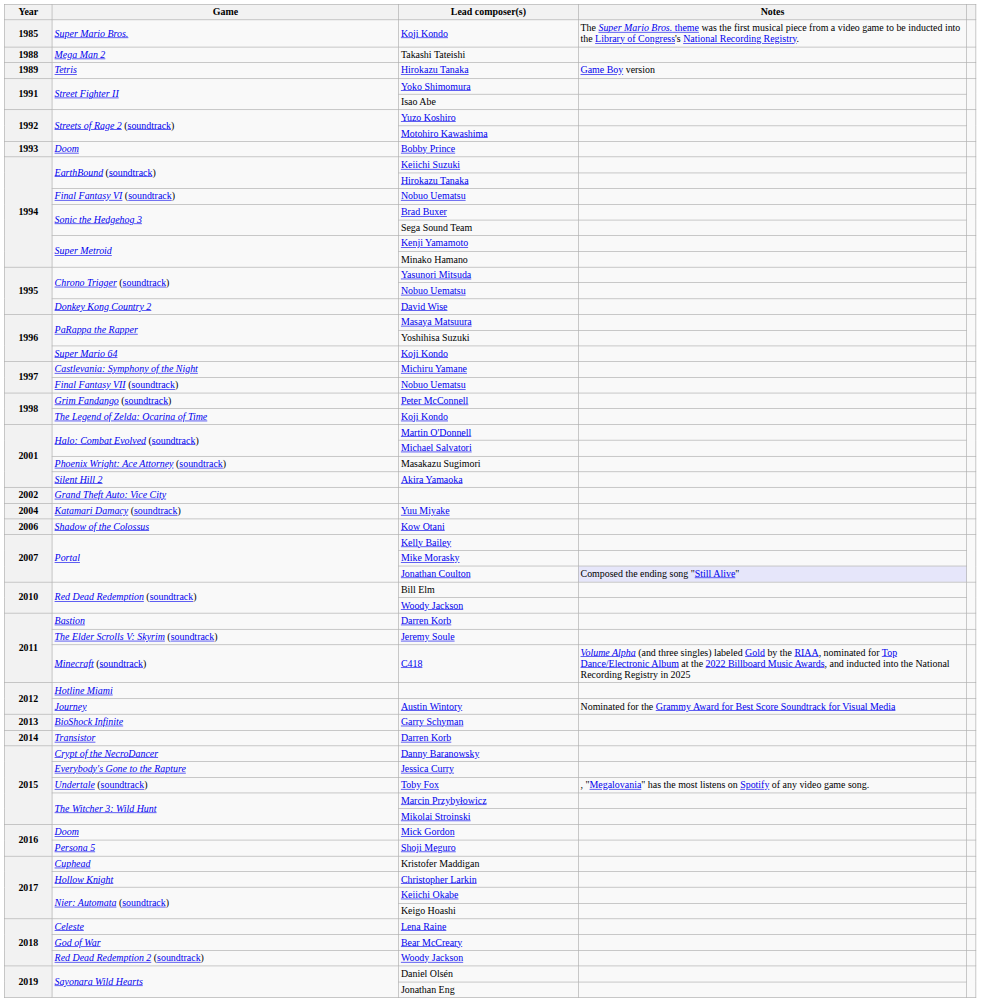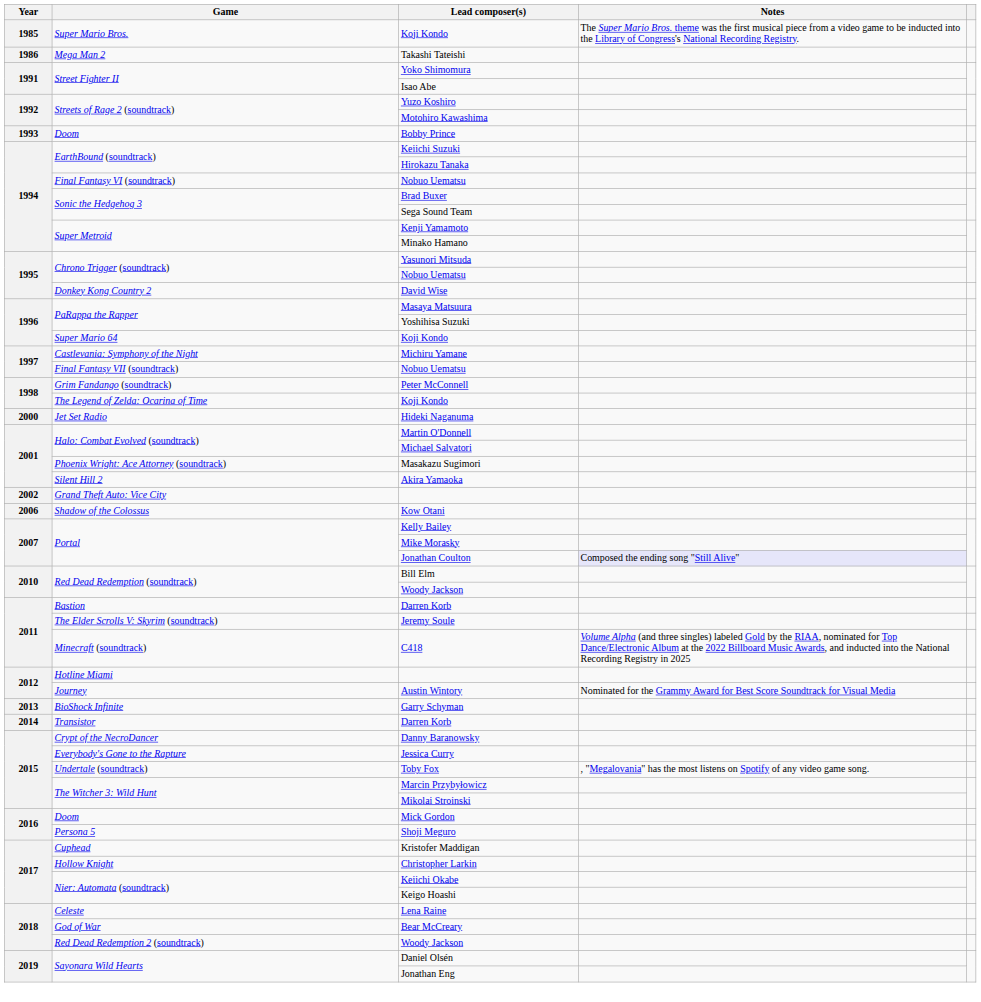 <table class="wikitable sortable sticky-header" width="auto">
 <tr>
 <th scope="col">Year</th>
 <th scope="col">Game</th>
 <th scope="col">Lead composer(s)</th>
 <th scope="col" width=40%>Notes</th>
 <th scope="col" class="unsortable"></th>
 </tr>
 <tr id=1985>
 <th>1985</th>
 <td><em><a href='#'>Super Mario Bros.</a></em></td>
 <td data-sort-value="Kondo, Koji"><a href='#'>Koji Kondo</a></td>
 <td>The <a href='#'><em>Super Mario Bros.</em> theme</a> was the first musical piece from a video game to be inducted into the <a href='#'>Library of Congress</a>'s <a href='#'>National Recording Registry</a>.</td>
 <td align="center"></td>
 </tr>
 <tr id=1988>
-<th>1988</th>
+<th>1986</th>
 <td><em><a href='#'>Mega Man 2</a></em></td>
 <td data-sort-value="Tateishi, Takashi">Takashi Tateishi</td>
 <td></td>
-<td align="center"></td>
-</tr>
-<tr id=1989>
-<th>1989</th>
-<td><em><a href='#'>Tetris</a></em></td>
-<td data-sort-value="Tanaka, Hirokazu"><a href='#'>Hirokazu Tanaka</a></td>
-<td><a href='#'>Game Boy</a> version</td>
 <td align="center"></td>
 </tr>
 <tr id=1991>
 <th rowspan="2">1991</th>
 <td rowspan="2"><em><a href='#'>Street Fighter II</a></em></td>
 <td data-sort-value="Shimomura, Yoko"><a href='#'>Yoko Shimomura</a></td>
 <td></td>
 <td align="center" rowspan="2"></td>
 </tr>
 <tr>
 <td data-sort-value="Abe, Isao">Isao Abe</td>
 <td></td>
 </tr>
 <tr id=1992>
 <th rowspan="2">1992</th>
 <td rowspan="2"><em><a href='#'>Streets of Rage 2</a></em> (<a href='#'>soundtrack</a>)</td>
 <td data-sort-value="Koshiro, Yuzo"><a href='#'>Yuzo Koshiro</a></td>
 <td></td>
 <td align="center" rowspan="2"></td>
 </tr>
 <tr>
 <td data-sort-value="Kawashima, Motohiro"><a href='#'>Motohiro Kawashima</a></td>
 <td></td>
 </tr>
 <tr id=1993>
 <th>1993</th>
 <td><em><a href='#'>Doom</a></em></td>
 <td><a href='#'>Bobby Prince</a></td>
 <td></td>
 <td align="center"></td>
 </tr>
 <tr id=1994>
 <th rowspan="7">1994</th>
 <td rowspan="2"><em><a href='#'>EarthBound</a></em> (<a href='#'>soundtrack</a>)</td>
 <td data-sort-value="Suzuki, Keiichi"><a href='#'>Keiichi Suzuki</a></td>
 <td></td>
 <td align="center" rowspan="2"></td>
 </tr>
 <tr>
 <td data-sort-value="Tanaka, Hirokazu"><a href='#'>Hirokazu Tanaka</a></td>
 <td></td>
 </tr>
 <tr>
 <td><em><a href='#'>Final Fantasy VI</a></em> (<a href='#'>soundtrack</a>)</td>
 <td data-sort-value="Uematsu, Nobuo"><a href='#'>Nobuo Uematsu</a></td>
 <td></td>
 <td align="center"></td>
 </tr>
 <tr>
 <td rowspan="2"><em><a href='#'>Sonic the Hedgehog 3</a></em></td>
 <td data-sort-value="Buxer, Brad"><a href='#'>Brad Buxer</a></td>
 <td></td>
 <td align="center" rowspan="2"></td>
 </tr>
 <tr>
 <td>Sega Sound Team</td>
 <td></td>
 </tr>
 <tr>
 <td rowspan="2"><em><a href='#'>Super Metroid</a></em></td>
 <td data-sort-value="Yamamoto, Kenji"><a href='#'>Kenji Yamamoto</a></td>
 <td></td>
 <td align="center" rowspan="2"></td>
 </tr>
 <tr>
 <td data-sort-value="Hamano, Minako">Minako Hamano</td>
 <td></td>
 </tr>
 <tr id=1995>
 <th rowspan="3">1995</th>
 <td rowspan="2"><em><a href='#'>Chrono Trigger</a></em> (<a href='#'>soundtrack</a>)</td>
 <td data-sort-value="Mitsuda, Yasunori"><a href='#'>Yasunori Mitsuda</a></td>
 <td></td>
 <td align="center" rowspan="2"></td>
 </tr>
 <tr>
 <td data-sort-value="Uematsu, Nobuo"><a href='#'>Nobuo Uematsu</a></td>
 <td></td>
 </tr>
 <tr>
 <td><em><a href='#'>Donkey Kong Country 2</a></em></td>
 <td data-sort-value="Wise, David"><a href='#'>David Wise</a></td>
 <td></td>
 <td align="center"></td>
 </tr>
 <tr id=1996>
 <th rowspan="3">1996</th>
 <td rowspan="2"><em><a href='#'>PaRappa the Rapper</a></em></td>
 <td data-sort-value="Matsuura, Masaya"><a href='#'>Masaya Matsuura</a></td>
 <td></td>
 <td align="center" rowspan="2"></td>
 </tr>
 <tr>
 <td data-sort-value="Suzuki, Yoshihisa">Yoshihisa Suzuki</td>
 <td></td>
 </tr>
 <tr>
 <td><em><a href='#'>Super Mario 64</a></em></td>
 <td data-sort-value="Kondo, Koji"><a href='#'>Koji Kondo</a></td>
 <td></td>
 <td align="center"></td>
 </tr>
 <tr id=1997>
 <th rowspan="2">1997</th>
 <td><em><a href='#'>Castlevania: Symphony of the Night</a></em></td>
 <td data-sort-value="Yamane, Michiru"><a href='#'>Michiru Yamane</a></td>
 <td></td>
 <td align="center"></td>
 </tr>
 <tr>
 <td><em><a href='#'>Final Fantasy VII</a></em> (<a href='#'>soundtrack</a>)</td>
 <td data-sort-value="Uematsu, Nobuo"><a href='#'>Nobuo Uematsu</a></td>
 <td></td>
 <td align="center"></td>
 </tr>
 <tr id=1998>
 <th rowspan="2">1998</th>
 <td><em><a href='#'>Grim Fandango</a></em> (<a href='#'>soundtrack</a>)</td>
 <td data-sort-value="McConnell, Peter"><a href='#'>Peter McConnell</a></td>
 <td></td>
 <td align="center"></td>
 </tr>
 <tr>
 <td data-sort-value="Legend of Zelda: Ocarina of Time"><em><a href='#'>The Legend of Zelda: Ocarina of Time</a></em></td>
 <td data-sort-value="Kondo, Koji"><a href='#'>Koji Kondo</a></td>
 <td></td>
 <td align="center"></td>
 </tr>
+<tr id=2000>
+<th>2000</th>
+<td><em><a href='#'>Jet Set Radio</a></em></td>
+<td data-sort-value="Naganuma, Hideki"><a href='#'>Hideki Naganuma</a></td>
+<td></td>
+<td align="center"></td>
+</tr>
 <tr id=2001>
 <th rowspan="4">2001</th>
 <td rowspan="2"><em><a href='#'>Halo: Combat Evolved</a></em> (<a href='#'>soundtrack</a>)</td>
 <td data-sort-value="O'Donnell, Martin"><a href='#'>Martin O'Donnell</a></td>
 <td></td>
 <td align="center" rowspan="2"></td>
 </tr>
 <tr>
 <td data-sort-value="Salvatori, Michael"><a href='#'>Michael Salvatori</a></td>
 <td></td>
 </tr>
 <tr>
 <td><em><a href='#'>Phoenix Wright: Ace Attorney</a></em> (<a href='#'>soundtrack</a>)</td>
 <td data-sort-value="Sugimori, Masakazu">Masakazu Sugimori</td>
 <td></td>
 <td align="center"></td>
 </tr>
 <tr>
 <td><em><a href='#'>Silent Hill 2</a></em></td>
 <td data-sort-value="Yamaoka, Akira"><a href='#'>Akira Yamaoka</a></td>
 <td></td>
 <td align="center"></td>
 </tr>
 <tr id=2002>
 <th>2002</th>
 <td><em><a href='#'>Grand Theft Auto: Vice City</a></em></td>
 <td></td>
-<td></td>
-<td align="center"></td>
-</tr>
-<tr id=2004>
-<th>2004</th>
-<td><em><a href='#'>Katamari Damacy</a></em> (<a href='#'>soundtrack</a>)</td>
-<td data-sort-value="Miyake, Yuu"><a href='#'>Yuu Miyake</a></td>
 <td></td>
 <td align="center"></td>
 </tr>
 <tr id=2005>
 <th>2006</th>
 <td><em><a href='#'>Shadow of the Colossus</a></em></td>
 <td data-sort-value="Otani, Kow"><a href='#'>Kow Otani</a></td>
 <td></td>
 <td align="center"></td>
 </tr>
 <tr id=2007>
 <th rowspan="3">2007</th>
 <td rowspan="3"><em><a href='#'>Portal</a></em></td>
 <td data-sort-value="Bailey, Kerry"><a href='#'>Kelly Bailey</a></td>
 <td></td>
 <td align="center" rowspan="3"></td>
 </tr>
 <tr>
 <td data-sort-value="Morasky, Mike"><a href='#'>Mike Morasky</a></td>
 <td></td>
 </tr>
 <tr>
 <td data-sort-value="Coulton, Jonathan"><a href='#'>Jonathan Coulton</a></td>
 <td style="background: lavender;">Composed the ending song "<a href='#'>Still Alive</a>"</td>
 </tr>
 <tr id=2010>
 <th rowspan="2">2010</th>
 <td rowspan="2"><em><a href='#'>Red Dead Redemption</a></em> (<a href='#'>soundtrack</a>)</td>
 <td data-sort-value="Elm, Bill">Bill Elm</td>
 <td></td>
 <td align="center" rowspan="2"></td>
 </tr>
 <tr>
 <td data-sort-value="Jackson, Woody"><a href='#'>Woody Jackson</a></td>
 <td></td>
 </tr>
 <tr id=2011>
 <th rowspan="3">2011</th>
 <td><em><a href='#'>Bastion</a></em></td>
 <td data-sort-value="Korb, Darren"><a href='#'>Darren Korb</a></td>
 <td></td>
 <td align="center"></td>
 </tr>
 <tr>
 <td data-sort-value="Elder Scrolls 5"><em><a href='#'>The Elder Scrolls V: Skyrim</a></em> (<a href='#'>soundtrack</a>)</td>
 <td><a href='#'>Jeremy Soule</a></td>
 <td></td>
 <td align="center"></td>
 </tr>
 <tr>
 <td><em><a href='#'>Minecraft</a></em> (<a href='#'>soundtrack</a>)</td>
 <td><a href='#'>C418</a></td>
 <td><em><a href='#'>Volume Alpha</a></em> (and three singles) labeled <a href='#'>Gold</a> by the <a href='#'>RIAA</a>, nominated for <a href='#'>Top Dance/Electronic Album</a> at the <a href='#'>2022 Billboard Music Awards</a>, and inducted into the National Recording Registry in 2025</td>
 <td align="center"></td>
 </tr>
 <tr id=2012>
 <th rowspan="2">2012</th>
 <td><em><a href='#'>Hotline Miami</a></em></td>
 <td></td>
 <td></td>
 <td align="center"></td>
 </tr>
 <tr>
 <td><em><a href='#'>Journey</a></em></td>
 <td data-sort-value="Wintory, Austin"><a href='#'>Austin Wintory</a></td>
 <td>Nominated for the <a href='#'>Grammy Award for Best Score Soundtrack for Visual Media</a></td>
 <td align="center"></td>
 </tr>
 <tr id=2013>
 <th>2013</th>
 <td><em><a href='#'>BioShock Infinite</a></em></td>
 <td data-sort-value="Schyman, Garry"><a href='#'>Garry Schyman</a></td>
 <td></td>
 <td align="center"></td>
 </tr>
 <tr id=2014>
 <th>2014</th>
 <td><em><a href='#'>Transistor</a></em></td>
 <td data-sort-value="Korb, Darren"><a href='#'>Darren Korb</a></td>
 <td></td>
 <td align="center"></td>
 </tr>
 <tr id=2015>
 <th rowspan="5">2015</th>
 <td><em><a href='#'>Crypt of the NecroDancer</a></em></td>
 <td data-sort-value="Baranowsky, Danny"><a href='#'>Danny Baranowsky</a></td>
 <td></td>
 <td align="center"></td>
 </tr>
 <tr>
 <td><em><a href='#'>Everybody's Gone to the Rapture</a></em></td>
 <td data-sort-value="Curry, Jessica"><a href='#'>Jessica Curry</a></td>
 <td></td>
 <td align="center"></td>
 </tr>
 <tr>
 <td><em><a href='#'>Undertale</a></em> (<a href='#'>soundtrack</a>)</td>
 <td data-sort-value="Fox, Toby"><a href='#'>Toby Fox</a></td>
 <td>, "<a href='#'>Megalovania</a>" has the most listens on <a href='#'>Spotify</a> of any video game song.</td>
 <td align="center"></td>
 </tr>
 <tr>
 <td rowspan="2"><em><a href='#'>The Witcher 3: Wild Hunt</a></em></td>
 <td data-sort-value="Przybyłowicz, Marcin"><a href='#'>Marcin Przybyłowicz</a></td>
 <td></td>
 <td align="center" rowspan="2"></td>
 </tr>
 <tr>
 <td data-sort-value="Stroiński, Mikołaj"><a href='#'>Mikolai Stroinski</a></td>
 <td></td>
 </tr>
 <tr id=2016>
 <th rowspan="2">2016</th>
 <td><em><a href='#'>Doom</a></em></td>
 <td data-sort-value="Gordon, Mick"><a href='#'>Mick Gordon</a></td>
 <td></td>
 <td align="center"></td>
 </tr>
 <tr>
 <td><em><a href='#'>Persona 5</a></em></td>
 <td data-sort-value="Meguro, Shoji"><a href='#'>Shoji Meguro</a></td>
 <td></td>
 <td align="center"></td>
 </tr>
 <tr id=2017>
 <th rowspan="4">2017</th>
 <td><em><a href='#'>Cuphead</a></em></td>
 <td data-sort-value="Maddigan, Kristofer">Kristofer Maddigan</td>
 <td></td>
 <td align="center"></td>
 </tr>
 <tr>
 <td><em><a href='#'>Hollow Knight</a></em></td>
 <td data-sort-value="Larkin, Christopher"><a href='#'>Christopher Larkin</a></td>
 <td></td>
 <td align="center"></td>
 </tr>
 <tr>
 <td rowspan="2"><em><a href='#'>Nier: Automata</a></em> (<a href='#'>soundtrack</a>)</td>
 <td data-sort-value="Okabe, Keiichi"><a href='#'>Keiichi Okabe</a></td>
 <td></td>
 <td align="center" rowspan="2"></td>
 </tr>
 <tr>
 <td data-sort-value="Hoashi, Keigo">Keigo Hoashi</td>
 <td></td>
 </tr>
 <tr id=2018>
 <th rowspan="3">2018</th>
 <td><em><a href='#'>Celeste</a></em></td>
 <td data-sort-value="Raine, Lena"><a href='#'>Lena Raine</a></td>
 <td></td>
 <td align="center"></td>
 </tr>
 <tr>
 <td><em><a href='#'>God of War</a></em></td>
 <td data-sort-value="McCreary, Bear"><a href='#'>Bear McCreary</a></td>
 <td></td>
 <td align="center"></td>
 </tr>
 <tr>
 <td><em><a href='#'>Red Dead Redemption 2</a></em> (<a href='#'>soundtrack</a>)</td>
 <td data-sort-value="Jackson, Woody"><a href='#'>Woody Jackson</a></td>
 <td></td>
 <td align="center"></td>
 </tr>
 <tr id=2019>
 <th rowspan="2">2019</th>
 <td rowspan="2'"><em><a href='#'>Sayonara Wild Hearts</a></em></td>
 <td data-sort-value="Olsén, Daniel">Daniel Olsén</td>
 <td></td>
 <td align="center" rowspan="2"></td>
 </tr>
 <tr>
 <td data-sort-value="Eng, Jonathan">Jonathan Eng</td>
 <td></td>
 </tr>
 </table>
